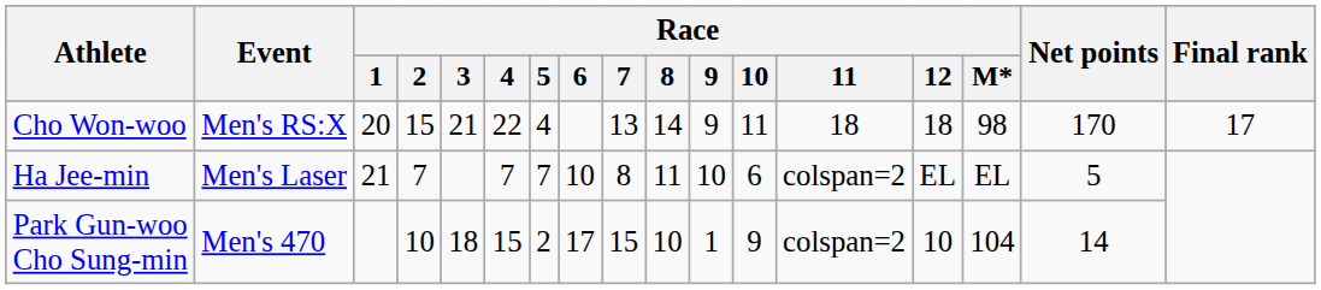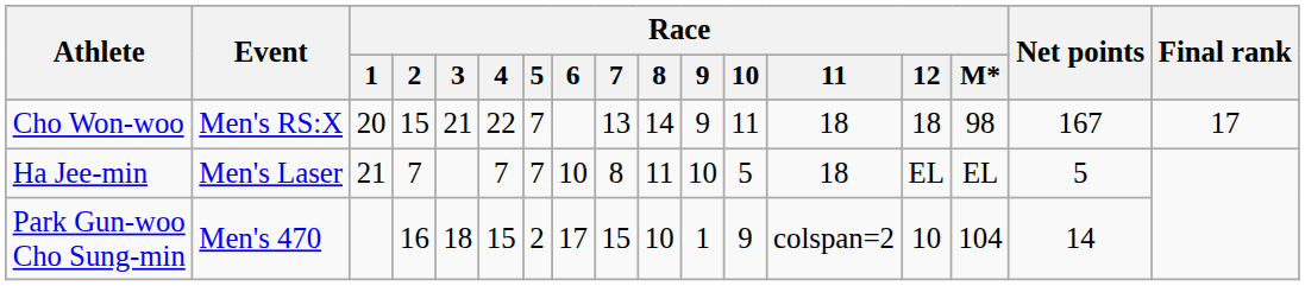 <table class="wikitable" style="font-size:90%; text-align:center">
 <tr>
 <th rowspan="2">Athlete</th>
 <th rowspan="2">Event</th>
 <th colspan="13">Race</th>
 <th rowspan="2">Net points</th>
 <th rowspan="2">Final rank</th>
 </tr>
 <tr style="font-size:95%">
 <th>1</th>
 <th>2</th>
 <th>3</th>
 <th>4</th>
 <th>5</th>
 <th>6</th>
 <th>7</th>
 <th>8</th>
 <th>9</th>
 <th>10</th>
 <th>11</th>
 <th>12</th>
 <th>M*</th>
 </tr>
 <tr>
 <td style="text-align:left"><a href='#'>Cho Won-woo</a></td>
 <td style="text-align:left"><a href='#'>Men's RS:X</a></td>
 <td>20</td>
 <td>15</td>
 <td>21</td>
 <td>22</td>
-<td>4</td>
+<td>7</td>
 <td></td>
 <td>13</td>
 <td>14</td>
 <td>9</td>
 <td>11</td>
 <td>18</td>
 <td>18</td>
 <td>98</td>
-<td>170</td>
+<td>167</td>
 <td>17</td>
 </tr>
 <tr>
 <td style="text-align:left"><a href='#'>Ha Jee-min</a></td>
 <td style="text-align:left"><a href='#'>Men's Laser</a></td>
 <td>21</td>
 <td>7</td>
 <td></td>
 <td>7</td>
 <td>7</td>
 <td>10</td>
 <td>8</td>
 <td>11</td>
 <td>10</td>
-<td>6</td>
-<td>colspan=2 </td>
+<td>5</td>
+<td>18</td>
 <td>EL</td>
 <td>EL</td>
 <td>5</td>
 </tr>
 <tr>
 <td style="text-align:left"><a href='#'>Park Gun-woo</a><br><a href='#'>Cho Sung-min</a></td>
 <td style="text-align:left"><a href='#'>Men's 470</a></td>
 <td></td>
-<td>10</td>
+<td>16</td>
 <td>18</td>
 <td>15</td>
 <td>2</td>
 <td>17</td>
 <td>15</td>
 <td>10</td>
 <td>1</td>
 <td>9</td>
 <td>colspan=2 </td>
 <td>10</td>
 <td>104</td>
 <td>14</td>
 </tr>
 </table>
